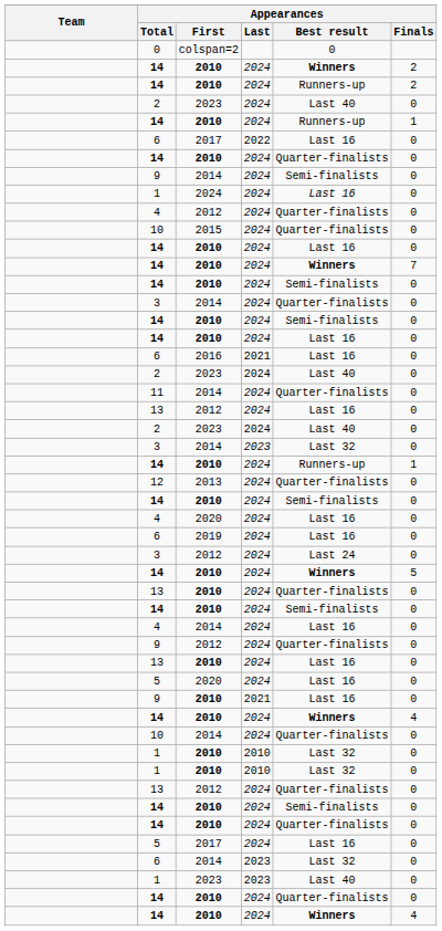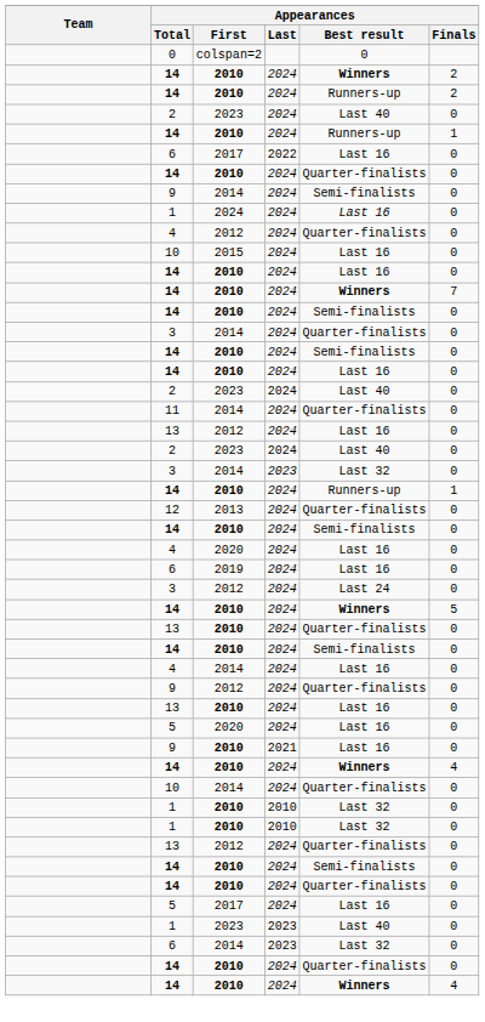 <table class="wikitable sortable" style="text-align: center;">
 <tr style= "background: #e2e2e2;">
 </tr>
 <tr style="background: #efefef;">
 <th rowspan=2 width=150px>Team</th>
 <th colspan=5>Appearances</th>
 </tr>
 <tr>
 <th>Total</th>
 <th>First</th>
 <th>Last</th>
 <th>Best result</th>
 <th>Finals</th>
 </tr>
 <tr>
 <td style="text-align: left;"></td>
 <td>0</td>
 <td>colspan=2 </td>
 <td></td>
 <td>0</td>
 </tr>
 <tr>
 <td style="text-align: left;"></td>
 <td><strong>14</strong></td>
 <td><strong>2010</strong></td>
 <td><em>2024</em></td>
 <td> <strong>Winners</strong></td>
 <td>2</td>
 </tr>
 <tr>
 <td style="text-align: left;"></td>
 <td><strong>14</strong></td>
 <td><strong>2010</strong></td>
 <td><em>2024</em></td>
 <td> Runners-up</td>
 <td>2</td>
 </tr>
 <tr>
 <td style="text-align: left;"></td>
 <td>2</td>
 <td>2023</td>
 <td><em>2024</em></td>
 <td> Last 40</td>
 <td>0</td>
 </tr>
 <tr>
 <td style="text-align: left;"></td>
 <td><strong>14</strong></td>
 <td><strong>2010</strong></td>
 <td><em>2024</em></td>
 <td> Runners-up</td>
 <td>1</td>
 </tr>
 <tr>
 <td style="text-align: left;"></td>
 <td>6</td>
 <td>2017</td>
 <td>2022</td>
 <td> Last 16</td>
 <td>0</td>
 </tr>
 <tr>
 <td style="text-align: left;"></td>
 <td><strong>14</strong></td>
 <td><strong>2010</strong></td>
 <td><em>2024</em></td>
 <td> Quarter-finalists</td>
 <td>0</td>
 </tr>
 <tr>
 <td style="text-align: left;"></td>
 <td>9</td>
 <td>2014</td>
 <td><em>2024</em></td>
 <td> Semi-finalists</td>
 <td>0</td>
 </tr>
 <tr>
 <td style="text-align: left;"></td>
 <td>1</td>
 <td>2024</td>
 <td><em>2024</em></td>
 <td><em> Last 16</em></td>
 <td>0</td>
 </tr>
 <tr>
 <td style="text-align: left;"></td>
 <td>4</td>
 <td>2012</td>
 <td><em>2024</em></td>
 <td> Quarter-finalists</td>
 <td>0</td>
 </tr>
 <tr>
 <td style="text-align: left;"></td>
 <td>10</td>
 <td>2015</td>
 <td><em>2024</em></td>
-<td> Quarter-finalists</td>
+<td> Last 16</td>
 <td>0</td>
 </tr>
 <tr>
 <td style="text-align: left;"></td>
 <td><strong>14</strong></td>
 <td><strong>2010</strong></td>
 <td><em>2024</em></td>
 <td> Last 16</td>
 <td>0</td>
 </tr>
 <tr>
 <td style="text-align: left;"></td>
 <td><strong>14</strong></td>
 <td><strong>2010</strong></td>
 <td><em>2024</em></td>
 <td> <strong>Winners</strong></td>
 <td>7</td>
 </tr>
 <tr>
 <td style="text-align: left;"></td>
 <td><strong>14</strong></td>
 <td><strong>2010</strong></td>
 <td><em>2024</em></td>
 <td> Semi-finalists</td>
 <td>0</td>
 </tr>
 <tr>
 <td style="text-align: left;"></td>
 <td>3</td>
 <td>2014</td>
 <td><em>2024</em></td>
 <td> Quarter-finalists</td>
 <td>0</td>
 </tr>
 <tr>
 <td style="text-align: left;"></td>
 <td><strong>14</strong></td>
 <td><strong>2010</strong></td>
 <td><em>2024</em></td>
 <td> Semi-finalists</td>
 <td>0</td>
 </tr>
 <tr>
 <td style="text-align: left;"></td>
 <td><strong>14</strong></td>
 <td><strong>2010</strong></td>
 <td><em>2024</em></td>
-<td> Last 16</td>
-<td>0</td>
-</tr>
-<tr>
-<td style="text-align: left;"></td>
-<td>6</td>
-<td>2016</td>
-<td>2021</td>
 <td> Last 16</td>
 <td>0</td>
 </tr>
 <tr>
 <td style="text-align: left;"></td>
 <td>2</td>
 <td>2023</td>
 <td>2024</td>
 <td> Last 40</td>
 <td>0</td>
 </tr>
 <tr>
 <td style="text-align: left;"></td>
 <td>11</td>
 <td>2014</td>
 <td><em>2024</em></td>
 <td> Quarter-finalists</td>
 <td>0</td>
 </tr>
 <tr>
 <td style="text-align: left;"></td>
 <td>13</td>
 <td>2012</td>
 <td><em>2024</em></td>
 <td> Last 16</td>
 <td>0</td>
 </tr>
 <tr>
 <td style="text-align: left;"></td>
 <td>2</td>
 <td>2023</td>
 <td>2024</td>
 <td> Last 40</td>
 <td>0</td>
 </tr>
 <tr>
 <td style="text-align: left;"></td>
 <td>3</td>
 <td>2014</td>
 <td><em>2023</em></td>
 <td> Last 32</td>
 <td>0</td>
 </tr>
 <tr>
 <td style="text-align: left;"></td>
 <td><strong>14</strong></td>
 <td><strong>2010</strong></td>
 <td><em>2024</em></td>
 <td> Runners-up</td>
 <td>1</td>
 </tr>
 <tr>
 <td style="text-align: left;"></td>
 <td>12</td>
 <td>2013</td>
 <td><em>2024</em></td>
 <td> Quarter-finalists</td>
 <td>0</td>
 </tr>
 <tr>
 <td style="text-align: left;"></td>
 <td><strong>14</strong></td>
 <td><strong>2010</strong></td>
 <td><em>2024</em></td>
 <td> Semi-finalists</td>
 <td>0</td>
 </tr>
 <tr>
 <td style="text-align: left;"></td>
 <td>4</td>
 <td>2020</td>
 <td><em>2024</em></td>
 <td> Last 16</td>
 <td>0</td>
 </tr>
 <tr>
 <td style="text-align: left;"></td>
 <td>6</td>
 <td>2019</td>
 <td><em>2024</em></td>
 <td> Last 16</td>
 <td>0</td>
 </tr>
 <tr>
 <td style="text-align: left;"></td>
 <td>3</td>
 <td>2012</td>
 <td><em>2024</em></td>
 <td> Last 24</td>
 <td>0</td>
 </tr>
 <tr>
 <td style="text-align: left;"></td>
 <td><strong>14</strong></td>
 <td><strong>2010</strong></td>
 <td><em>2024</em></td>
 <td> <strong>Winners</strong></td>
 <td>5</td>
 </tr>
 <tr>
 <td style="text-align: left;"></td>
 <td>13</td>
 <td><strong>2010</strong></td>
 <td><em>2024</em></td>
 <td> Quarter-finalists</td>
 <td>0</td>
 </tr>
 <tr>
 <td style="text-align: left;"></td>
 <td><strong>14</strong></td>
 <td><strong>2010</strong></td>
 <td><em>2024</em></td>
 <td> Semi-finalists</td>
 <td>0</td>
 </tr>
 <tr>
 <td style="text-align: left;"></td>
 <td>4</td>
 <td>2014</td>
 <td><em>2024</em></td>
 <td> Last 16</td>
 <td>0</td>
 </tr>
 <tr>
 <td style="text-align: left;"></td>
 <td>9</td>
 <td>2012</td>
 <td><em>2024</em></td>
 <td> Quarter-finalists</td>
 <td>0</td>
 </tr>
 <tr>
 <td style="text-align: left;"></td>
 <td>13</td>
 <td><strong>2010</strong></td>
 <td><em>2024</em></td>
 <td> Last 16</td>
 <td>0</td>
 </tr>
 <tr>
 <td style="text-align: left;"></td>
 <td>5</td>
 <td>2020</td>
 <td><em>2024</em></td>
 <td> Last 16</td>
 <td>0</td>
 </tr>
 <tr>
 <td style="text-align: left;"></td>
 <td>9</td>
 <td><strong>2010</strong></td>
 <td>2021</td>
 <td> Last 16</td>
 <td>0</td>
 </tr>
 <tr>
 <td style="text-align: left;"></td>
 <td><strong>14</strong></td>
 <td><strong>2010</strong></td>
 <td><em>2024</em></td>
 <td> <strong>Winners</strong></td>
 <td>4</td>
 </tr>
 <tr>
 <td style="text-align: left;"></td>
 <td>10</td>
 <td>2014</td>
 <td><em>2024</em></td>
 <td> Quarter-finalists</td>
 <td>0</td>
 </tr>
 <tr>
 <td style="text-align: left;"></td>
 <td>1</td>
 <td><strong>2010</strong></td>
 <td>2010</td>
 <td> Last 32</td>
 <td>0</td>
 </tr>
 <tr>
 <td style="text-align: left;"></td>
 <td>1</td>
 <td><strong>2010</strong></td>
 <td>2010</td>
 <td> Last 32</td>
 <td>0</td>
 </tr>
 <tr>
 <td style="text-align: left;"></td>
 <td>13</td>
 <td>2012</td>
 <td><em>2024</em></td>
 <td> Quarter-finalists</td>
 <td>0</td>
 </tr>
 <tr>
 <td style="text-align: left;"></td>
 <td><strong>14</strong></td>
 <td><strong>2010</strong></td>
 <td><em>2024</em></td>
 <td> Semi-finalists</td>
 <td>0</td>
 </tr>
 <tr>
 <td style="text-align: left;"></td>
 <td><strong>14</strong></td>
 <td><strong>2010</strong></td>
 <td><em>2024</em></td>
 <td> Quarter-finalists</td>
 <td>0</td>
 </tr>
 <tr>
 <td style="text-align: left;"></td>
 <td>5</td>
 <td>2017</td>
 <td><em>2024</em></td>
 <td> Last 16</td>
 <td>0</td>
 </tr>
 <tr>
 <td style="text-align: left;"></td>
+<td>1</td>
+<td>2023</td>
+<td>2023</td>
+<td> Last 40</td>
+<td>0</td>
+</tr>
+<tr>
+<td style="text-align: left;"></td>
 <td>6</td>
 <td>2014</td>
 <td>2023</td>
 <td> Last 32</td>
-<td>0</td>
-</tr>
-<tr>
-<td style="text-align: left;"></td>
-<td>1</td>
-<td>2023</td>
-<td>2023</td>
-<td> Last 40</td>
 <td>0</td>
 </tr>
 <tr>
 <td style="text-align: left;"></td>
 <td><strong>14</strong></td>
 <td><strong>2010</strong></td>
 <td><em>2024</em></td>
 <td> Quarter-finalists</td>
 <td>0</td>
 </tr>
 <tr>
 <td style="text-align: left;"></td>
 <td><strong>14</strong></td>
 <td><strong>2010</strong></td>
 <td><em>2024</em></td>
 <td> <strong>Winners</strong></td>
 <td>4</td>
 </tr>
 </table>
